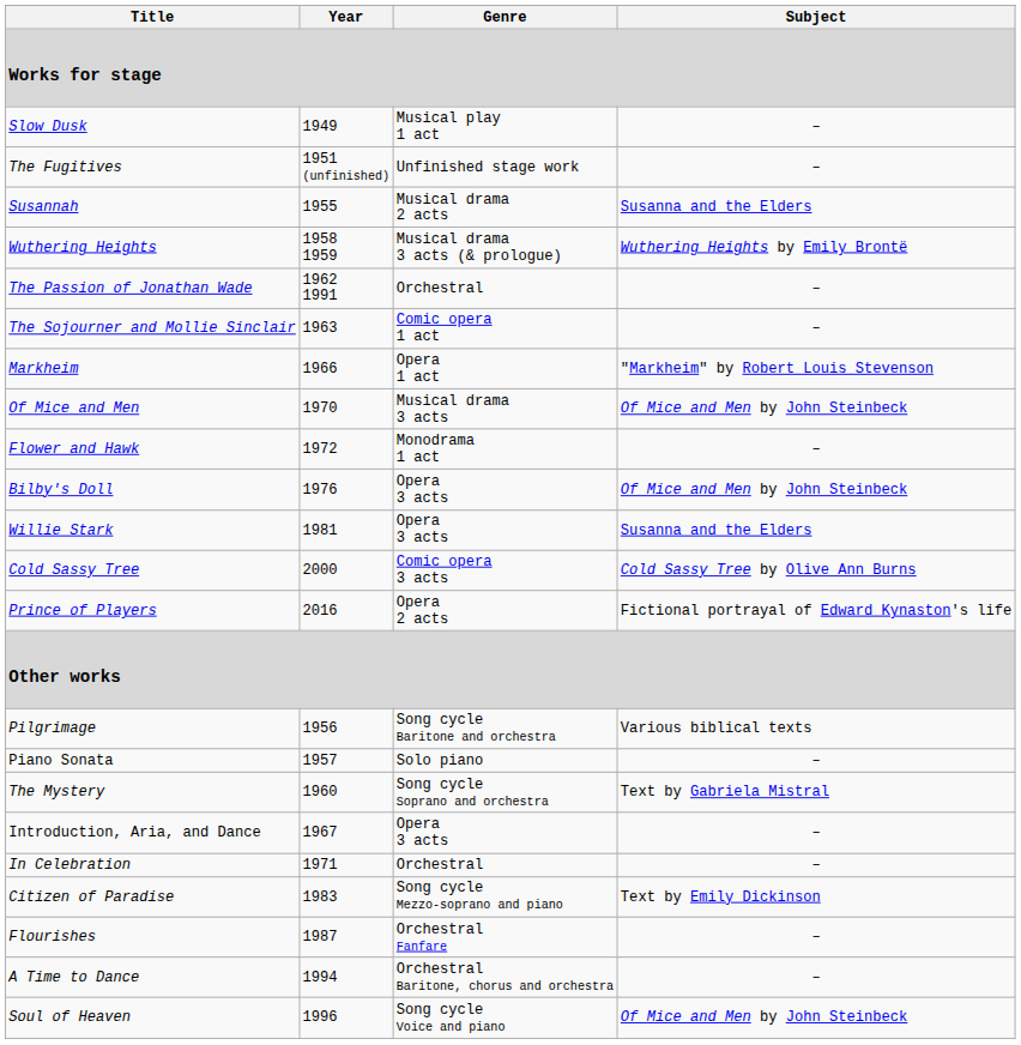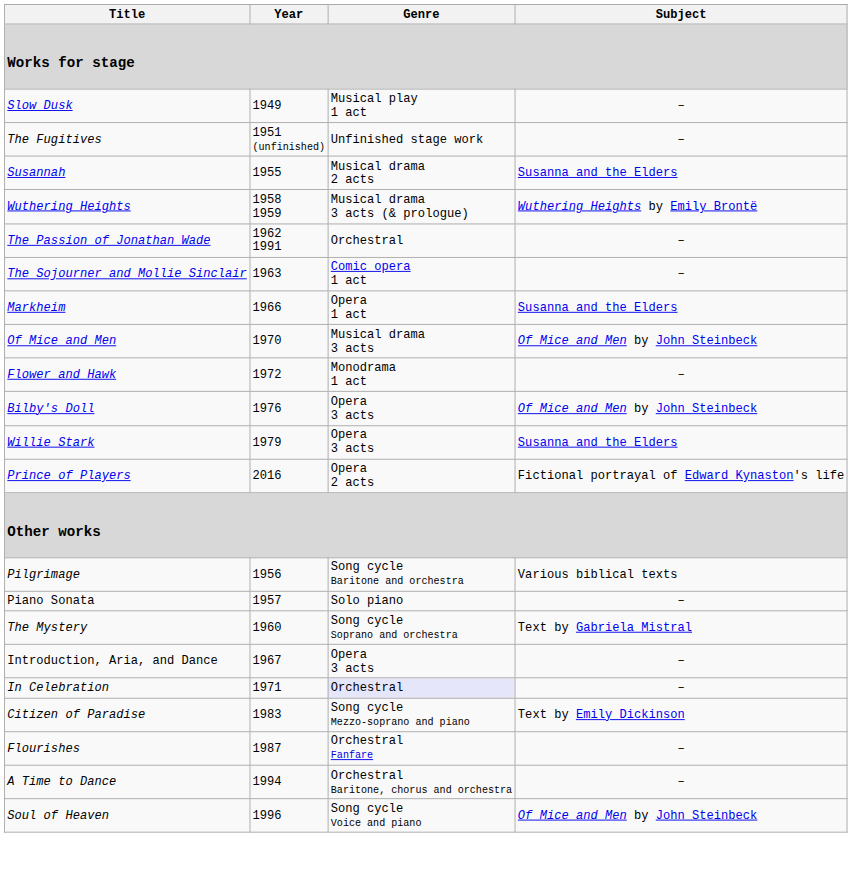 <table class = "wikitable sortable plainrowheaders">
 <tr>
 </tr>
 <tr>
 <th scope="col">Title</th>
 <th scope="col">Year</th>
 <th scope="col">Genre</th>
 <th scope="col" class="unsortable">Subject</th>
 </tr>
 <tr>
 <td colspan="4" style="background-color: #D8D8D8" data-sort-value="ZZZZ1A"><br><h3>Works for stage</h3></td>
 </tr>
 <tr>
 <td><em><a href='#'>Slow Dusk</a></em></td>
 <td>1949</td>
 <td data-sort-value="ZZZZ1B">Musical play<br>1 act</td>
 <td style="text-align:center;">–</td>
 </tr>
 <tr>
 <td data-sort-value="Fugitives"><em>The Fugitives</em></td>
 <td>1951<br><small>(unfinished)</small></td>
 <td data-sort-value="ZZZZ1B">Unfinished stage work</td>
 <td style="text-align:center;">–</td>
 </tr>
 <tr>
 <td><em><a href='#'>Susannah</a></em></td>
 <td>1955</td>
 <td data-sort-value="ZZZZ1B">Musical drama<br>2 acts</td>
 <td><a href='#'>Susanna and the Elders</a></td>
 </tr>
 <tr>
 <td><em><a href='#'>Wuthering Heights</a></em></td>
 <td>1958<br> 1959</td>
 <td data-sort-value="ZZZZ1B">Musical drama<br>3 acts (& prologue)</td>
 <td><em><a href='#'>Wuthering Heights</a></em> by <a href='#'>Emily Brontë</a></td>
 </tr>
 <tr>
 <td data-sort-value="Passion"><em><a href='#'>The Passion of Jonathan Wade</a></em></td>
 <td>1962<br> 1991</td>
 <td data-sort-value="ZZZZ2B">Orchestral</td>
 <td style="text-align:center;">–</td>
 </tr>
 <tr>
 <td data-sort-value="Sojourner"><em><a href='#'>The Sojourner and Mollie Sinclair</a></em></td>
 <td>1963</td>
 <td data-sort-value="ZZZZ1B"><a href='#'>Comic opera</a><br>1 act</td>
 <td style="text-align:center;">–</td>
 </tr>
 <tr>
 <td><em><a href='#'>Markheim</a></em></td>
 <td>1966</td>
 <td data-sort-value="ZZZZ1B">Opera<br>1 act</td>
-<td>"<a href='#'>Markheim</a>" by <a href='#'>Robert Louis Stevenson</a></td>
+<td><a href='#'>Susanna and the Elders</a></td>
 </tr>
 <tr>
 <td><em><a href='#'>Of Mice and Men</a></em></td>
 <td>1970</td>
 <td data-sort-value="ZZZZ1B">Musical drama<br>3 acts</td>
 <td><em><a href='#'>Of Mice and Men</a></em> by <a href='#'>John Steinbeck</a></td>
 </tr>
 <tr>
 <td><em><a href='#'>Flower and Hawk</a></em></td>
 <td>1972</td>
 <td data-sort-value="ZZZZ1B">Monodrama<br>1 act</td>
 <td style="text-align:center;">–</td>
 </tr>
 <tr>
 <td><em><a href='#'>Bilby's Doll</a></em></td>
 <td>1976</td>
 <td data-sort-value="ZZZZ1B">Opera<br>3 acts</td>
 <td><em><a href='#'>Of Mice and Men</a></em> by <a href='#'>John Steinbeck</a></td>
 </tr>
 <tr>
 <td><em><a href='#'>Willie Stark</a></em></td>
-<td>1981</td>
+<td>1979</td>
 <td data-sort-value="ZZZZ1B">Opera<br>3 acts</td>
 <td><a href='#'>Susanna and the Elders</a></td>
-</tr>
-<tr>
-<td><em><a href='#'>Cold Sassy Tree</a></em></td>
-<td>2000</td>
-<td data-sort-value="ZZZZ1B"><a href='#'>Comic opera</a><br>3 acts</td>
-<td><em><a href='#'>Cold Sassy Tree</a></em> by <a href='#'>Olive Ann Burns</a></td>
 </tr>
 <tr>
 <td><em><a href='#'>Prince of Players</a></em></td>
 <td>2016</td>
 <td data-sort-value="ZZZZ1B">Opera<br>2 acts</td>
 <td>Fictional portrayal of <a href='#'>Edward Kynaston</a>'s life</td>
 </tr>
 <tr>
 <td colspan="4" style="background-color: #D8D8D8" data-sort-value="ZZZZ2A"><br><h3>Other works</h3></td>
 </tr>
 <tr>
 <td><em>Pilgrimage</em></td>
 <td>1956</td>
 <td data-sort-value="ZZZZ2B">Song cycle<br><small>Baritone and orchestra</small></td>
 <td>Various biblical texts</td>
 </tr>
 <tr>
 <td>Piano Sonata</td>
 <td>1957</td>
 <td data-sort-value="ZZZZ2B">Solo piano</td>
 <td style="text-align:center;">–</td>
 </tr>
 <tr>
 <td data-sort-value="Mystery"><em>The Mystery</em></td>
 <td>1960</td>
 <td data-sort-value="ZZZZ2B">Song cycle<br><small>Soprano and orchestra</small></td>
 <td>Text by <a href='#'>Gabriela Mistral</a></td>
 </tr>
 <tr>
 <td>Introduction, Aria, and Dance</td>
 <td>1967</td>
 <td data-sort-value="ZZZZ1B">Opera<br>3 acts</td>
 <td style="text-align:center;">–</td>
 </tr>
 <tr>
 <td><em>In Celebration</em></td>
 <td>1971</td>
-<td data-sort-value="ZZZZ2B">Orchestral</td>
+<td data-sort-value="ZZZZ2B" style="background: lavender;">Orchestral</td>
 <td style="text-align:center;">–</td>
 </tr>
 <tr>
 <td><em>Citizen of Paradise</em></td>
 <td>1983</td>
 <td data-sort-value="ZZZZ2B">Song cycle<br><small>Mezzo-soprano and piano</small></td>
 <td>Text by <a href='#'>Emily Dickinson</a></td>
 </tr>
 <tr>
 <td><em>Flourishes</em></td>
 <td>1987</td>
 <td data-sort-value="ZZZZ2B">Orchestral<br><small><a href='#'>Fanfare</a></small></td>
 <td style="text-align:center;">–</td>
 </tr>
 <tr>
 <td><em>A Time to Dance</em></td>
 <td>1994</td>
 <td data-sort-value="ZZZZ2B">Orchestral<br><small>Baritone, chorus and orchestra</small></td>
 <td style="text-align:center;">–</td>
 </tr>
 <tr>
 <td><em>Soul of Heaven</em></td>
 <td>1996</td>
 <td data-sort-value="ZZZZ2B">Song cycle<br><small>Voice and piano</small></td>
 <td><em><a href='#'>Of Mice and Men</a></em> by <a href='#'>John Steinbeck</a></td>
 </tr>
 </table>
